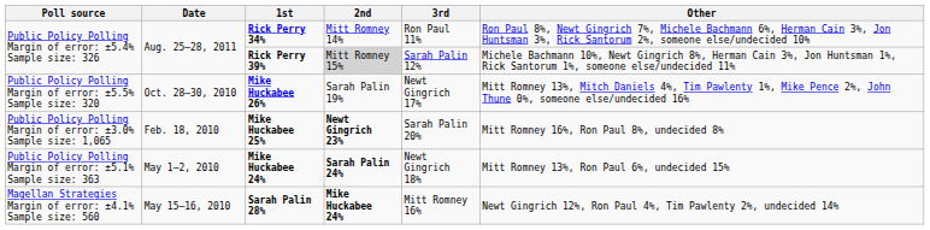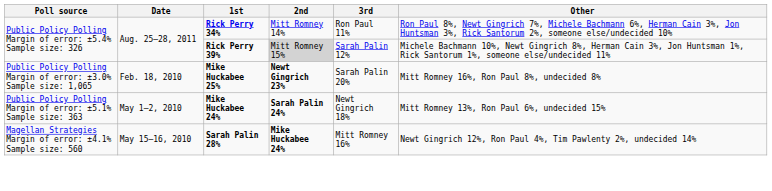 <table class="wikitable">
 <tr>
 <th style="width:180px;">Poll source</th>
 <th style="width:135px;">Date</th>
 <th style="width:100px;">1st</th>
 <th style="width:100px;">2nd</th>
 <th style="width:100px;">3rd</th>
 <th>Other</th>
 </tr>
 <tr>
 <td rowspan=2><a href='#'>Public Policy Polling</a><br>Margin of error: ±5.4% <br>Sample size: 326</td>
 <td rowspan=2>Aug. 25–28, 2011</td>
 <td><strong><a href='#'>Rick Perry</a><br>34%</strong></td>
 <td><a href='#'>Mitt Romney</a><br>14%</td>
 <td>Ron Paul<br>11%</td>
 <td><a href='#'>Ron Paul</a> 8%, <a href='#'>Newt Gingrich</a> 7%, <a href='#'>Michele Bachmann</a> 6%, <a href='#'>Herman Cain</a> 3%, <a href='#'>Jon Huntsman</a> 3%, <a href='#'>Rick Santorum</a> 2%, someone else/undecided 10%</td>
 </tr>
 <tr>
 <td><strong>Rick Perry<br>39%</strong></td>
 <td style="background: lightgrey;">Mitt Romney<br>15%</td>
 <td><a href='#'>Sarah Palin</a><br>12%</td>
 <td>Michele Bachmann 10%, Newt Gingrich 8%, Herman Cain 3%, Jon Huntsman 1%, Rick Santorum 1%, someone else/undecided 11%</td>
-</tr>
-<tr>
-<td><a href='#'>Public Policy Polling</a><br>Margin of error: ±5.5% <br>Sample size: 320</td>
-<td>Oct. 28–30, 2010</td>
-<td><strong><a href='#'>Mike Huckabee</a><br>26%</strong></td>
-<td>Sarah Palin<br>19%</td>
-<td>Newt Gingrich<br>17%</td>
-<td>Mitt Romney 13%, <a href='#'>Mitch Daniels</a> 4%, <a href='#'>Tim Pawlenty</a> 1%, <a href='#'>Mike Pence</a> 2%, <a href='#'>John Thune</a> 0%, someone else/undecided 16%</td>
 </tr>
 <tr>
 <td><a href='#'>Public Policy Polling</a><br>Margin of error: ±3.0% <br>Sample size: 1,065</td>
 <td>Feb. 18, 2010</td>
 <td><strong>Mike Huckabee<br>25%</strong></td>
 <td><strong>Newt Gingrich<br>23%</strong></td>
 <td>Sarah Palin<br>20%</td>
 <td>Mitt Romney 16%, Ron Paul 8%, undecided 8%</td>
 </tr>
 <tr>
 <td><a href='#'>Public Policy Polling</a><br>Margin of error: ±5.1% <br>Sample size: 363</td>
 <td>May 1–2, 2010</td>
 <td><strong>Mike Huckabee<br>24%</strong></td>
 <td><strong>Sarah Palin<br>24%</strong></td>
 <td>Newt Gingrich<br>18%</td>
 <td>Mitt Romney 13%, Ron Paul 6%, undecided 15%</td>
 </tr>
 <tr>
 <td><a href='#'>Magellan Strategies</a><br>Margin of error: ±4.1% <br>Sample size: 560</td>
 <td>May 15–16, 2010</td>
 <td><strong>Sarah Palin<br>28%</strong></td>
 <td><strong>Mike Huckabee<br>24%</strong></td>
 <td>Mitt Romney<br>16%</td>
 <td>Newt Gingrich 12%, Ron Paul 4%, Tim Pawlenty 2%, undecided 14%</td>
 </tr>
 </table>
